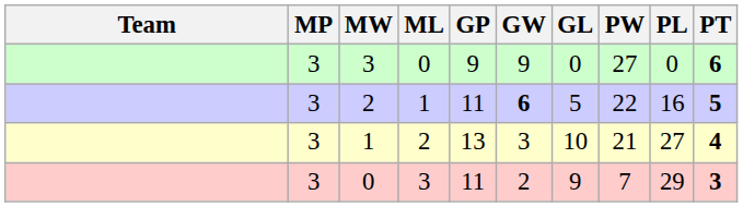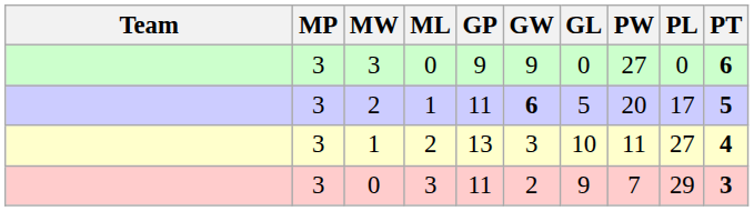 <table class=wikitable style="text-align:center">
 <tr>
 <th width=175>Team</th>
 <th width=20>MP</th>
 <th width=20>MW</th>
 <th width=20>ML</th>
 <th width=20>GP</th>
 <th width=20>GW</th>
 <th width=20>GL</th>
 <th width=20>PW</th>
 <th width=20>PL</th>
 <th width=20>PT</th>
 </tr>
 <tr style="background-color:#ccffcc;">
 <td style="text-align:left;"></td>
 <td>3</td>
 <td>3</td>
 <td>0</td>
 <td>9</td>
 <td>9</td>
 <td>0</td>
 <td>27</td>
 <td>0</td>
 <td><strong>6</strong></td>
 </tr>
 <tr style="background-color:#ccccff;">
 <td style="text-align:left;"></td>
 <td>3</td>
 <td>2</td>
 <td>1</td>
 <td>11</td>
 <td><strong>6</strong></td>
 <td>5</td>
-<td>22</td>
-<td>16</td>
+<td>20</td>
+<td>17</td>
 <td><strong>5</strong></td>
 </tr>
 <tr style="background-color:#ffffcc;">
 <td style="text-align:left;"></td>
 <td>3</td>
 <td>1</td>
 <td>2</td>
 <td>13</td>
 <td>3</td>
 <td>10</td>
-<td>21</td>
+<td>11</td>
 <td>27</td>
 <td><strong>4</strong></td>
 </tr>
 <tr style="background-color:#ffcccc;">
 <td style="text-align:left;"></td>
 <td>3</td>
 <td>0</td>
 <td>3</td>
 <td>11</td>
 <td>2</td>
 <td>9</td>
 <td>7</td>
 <td>29</td>
 <td><strong>3</strong></td>
 </tr>
 </table>
